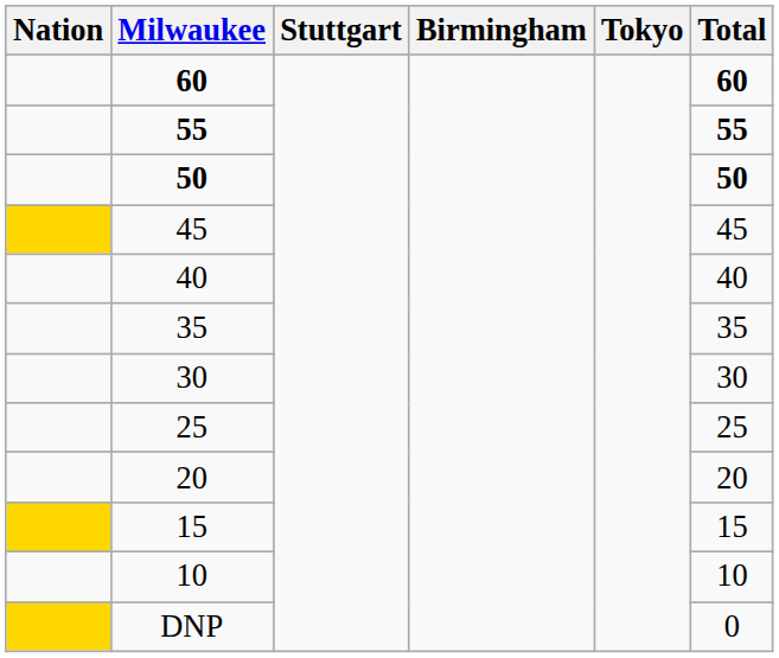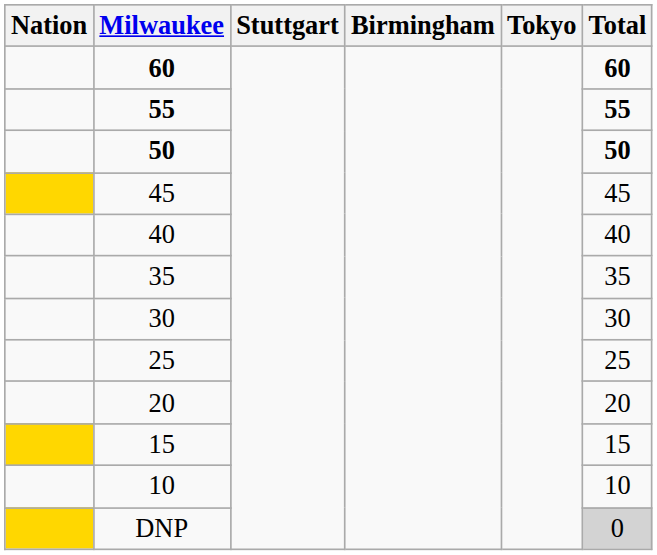 <table class="wikitable">
 <tr>
 <th>Nation</th>
 <th><a href='#'>Milwaukee</a> </th>
 <th>Stuttgart </th>
 <th>Birmingham </th>
 <th>Tokyo </th>
 <th>Total</th>
 </tr>
 <tr scope=row style="text-align:center">
 <td align=left></td>
 <td><strong>60</strong></td>
 <td rowspan=12></td>
 <td rowspan=12></td>
 <td rowspan="12"></td>
 <td><strong>60</strong></td>
 </tr>
 <tr scope=row style="text-align:center">
 <td align=left></td>
 <td><strong>55</strong></td>
 <td><strong>55</strong></td>
 </tr>
 <tr scope=row style="text-align:center">
 <td align=left></td>
 <td><strong>50</strong></td>
 <td><strong>50</strong></td>
 </tr>
 <tr scope=row style="text-align:center">
 <td align=left bgcolor=gold></td>
 <td>45</td>
 <td>45</td>
 </tr>
 <tr scope=row style="text-align:center">
 <td align=left></td>
 <td>40</td>
 <td>40</td>
 </tr>
 <tr scope=row style="text-align:center">
 <td align=left></td>
 <td>35</td>
 <td>35</td>
 </tr>
 <tr scope=row style="text-align:center">
 <td align=left></td>
 <td>30</td>
 <td>30</td>
 </tr>
 <tr scope=row style="text-align:center">
 <td align=left></td>
 <td>25</td>
 <td>25</td>
 </tr>
 <tr scope=row style="text-align:center">
 <td align=left></td>
 <td>20</td>
 <td>20</td>
 </tr>
 <tr scope=row style="text-align:center">
 <td align=left bgcolor=gold></td>
 <td>15</td>
 <td>15</td>
 </tr>
 <tr scope=row style="text-align:center">
 <td align=left></td>
 <td>10</td>
 <td>10</td>
 </tr>
 <tr scope=row style="text-align:center">
 <td align=left bgcolor=gold></td>
 <td>DNP</td>
-<td>0</td>
+<td style="background: lightgrey;">0</td>
 </tr>
 </table>
